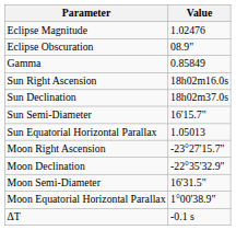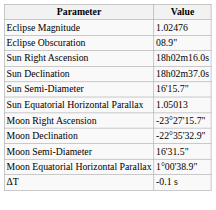 <table class="wikitable">
 <tr>
 <th>Parameter</th>
 <th>Value</th>
 </tr>
 <tr>
 <td>Eclipse Magnitude</td>
 <td>1.02476</td>
 </tr>
 <tr>
 <td>Eclipse Obscuration</td>
 <td>08.9"</td>
-</tr>
-<tr>
-<td>Gamma</td>
-<td>0.85849</td>
 </tr>
 <tr>
 <td>Sun Right Ascension</td>
 <td>18h02m16.0s</td>
 </tr>
 <tr>
 <td>Sun Declination</td>
 <td>18h02m37.0s</td>
 </tr>
 <tr>
 <td>Sun Semi-Diameter</td>
 <td>16'15.7"</td>
 </tr>
 <tr>
 <td>Sun Equatorial Horizontal Parallax</td>
 <td>1.05013</td>
 </tr>
 <tr>
 <td>Moon Right Ascension</td>
 <td>-23°27'15.7"</td>
 </tr>
 <tr>
 <td>Moon Declination</td>
 <td>-22°35'32.9"</td>
 </tr>
 <tr>
 <td>Moon Semi-Diameter</td>
 <td>16'31.5"</td>
 </tr>
 <tr>
 <td>Moon Equatorial Horizontal Parallax</td>
 <td>1°00'38.9"</td>
 </tr>
 <tr>
 <td>ΔT</td>
 <td>-0.1 s</td>
 </tr>
 </table>
